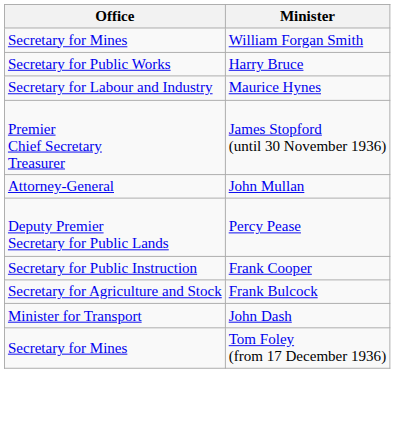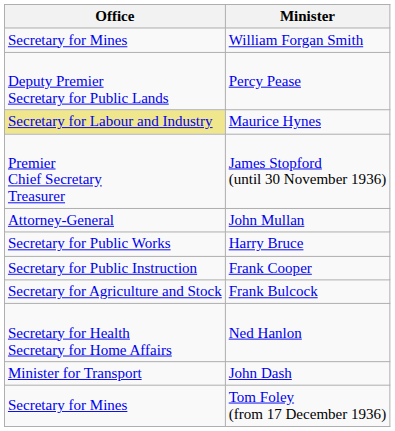 <table class="wikitable">
 <tr>
 <th>Office</th>
 <th>Minister</th>
 </tr>
 <tr>
 <td><a href='#'>Secretary for Mines</a></td>
 <td><a href='#'>William Forgan Smith</a></td>
 </tr>
 <tr>
-<td><a href='#'>Secretary for Public Works</a></td>
-<td><a href='#'>Harry Bruce</a></td>
+<td><br><a href='#'>Deputy Premier</a><br> <a href='#'>Secretary for Public Lands</a></td>
+<td><a href='#'>Percy Pease</a></td>
 </tr>
 <tr>
-<td><a href='#'>Secretary for Labour and Industry</a></td>
+<td style="background: khaki;"><a href='#'>Secretary for Labour and Industry</a></td>
 <td><a href='#'>Maurice Hynes</a></td>
 </tr>
 <tr>
 <td><br><a href='#'>Premier</a><br> <a href='#'>Chief Secretary</a><br> <a href='#'>Treasurer</a></td>
 <td><a href='#'>James Stopford</a><br>(until 30 November 1936)</td>
 </tr>
 <tr>
 <td><a href='#'>Attorney-General</a></td>
 <td><a href='#'>John Mullan</a></td>
 </tr>
 <tr>
-<td><br><a href='#'>Deputy Premier</a><br> <a href='#'>Secretary for Public Lands</a></td>
-<td><a href='#'>Percy Pease</a></td>
+<td><a href='#'>Secretary for Public Works</a></td>
+<td><a href='#'>Harry Bruce</a></td>
 </tr>
 <tr>
 <td><a href='#'>Secretary for Public Instruction</a></td>
 <td><a href='#'>Frank Cooper</a></td>
 </tr>
 <tr>
 <td><a href='#'>Secretary for Agriculture and Stock</a></td>
 <td><a href='#'>Frank Bulcock</a></td>
 </tr>
 <tr>
+<td><br><a href='#'>Secretary for Health</a><br> <a href='#'>Secretary for Home Affairs</a></td>
+<td><a href='#'>Ned Hanlon</a></td>
+</tr>
+<tr>
 <td><a href='#'>Minister for Transport</a></td>
 <td><a href='#'>John Dash</a></td>
 </tr>
 <tr>
 <td><a href='#'>Secretary for Mines</a></td>
 <td><a href='#'>Tom Foley</a><br>(from 17 December 1936)</td>
 </tr>
 </table>
